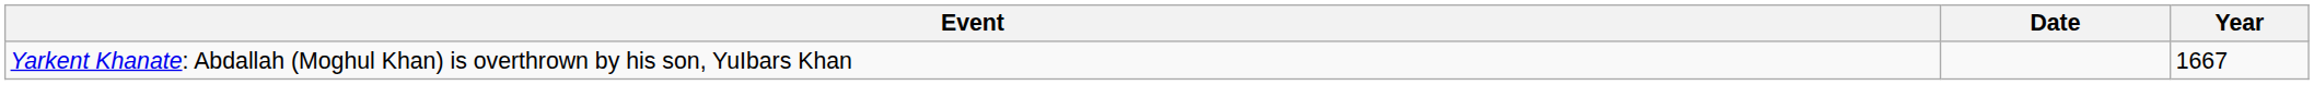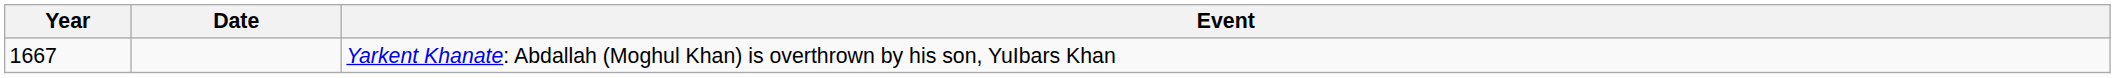 <table class="wikitable" width="100%">
 <tr>
+<th style="width:6%">Year</th>
+<th style="width:10%">Date</th>
 <th>Event</th>
-<th style="width:10%">Date</th>
-<th style="width:6%">Year</th>
 </tr>
 <tr>
+<td>1667</td>
+<td></td>
 <td><em><a href='#'>Yarkent Khanate</a></em>: Abdallah (Moghul Khan) is overthrown by his son, YuIbars Khan</td>
-<td></td>
-<td>1667</td>
 </tr>
 </table>
